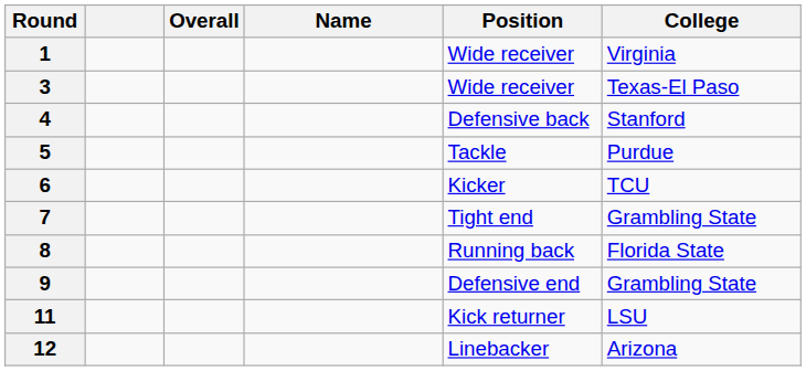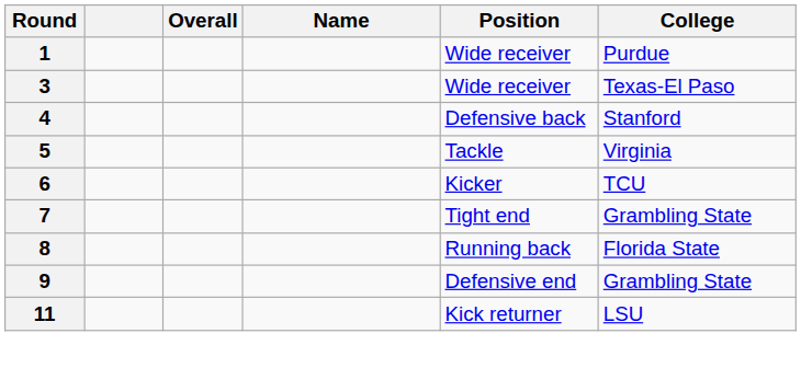 <table class="wikitable sortable">
 <tr>
 <th scope="col" style="width: 10%;">Round</th>
 <th scope="col" style="width: 10%;"></th>
 <th scope="col" style="width: 10%;">Overall</th>
 <th scope="col" style="width: 25%;">Name</th>
 <th scope="col" style="width: 20%;">Position</th>
 <th scope="col" style="width: 25%;">College</th>
 </tr>
 <tr>
 <th scope="row">1</th>
 <td></td>
 <td></td>
 <td></td>
 <td><a href='#'>Wide receiver</a></td>
-<td><a href='#'>Virginia</a></td>
+<td><a href='#'>Purdue</a></td>
 </tr>
 <tr>
 <th scope="row">3</th>
 <td></td>
 <td></td>
 <td></td>
 <td><a href='#'>Wide receiver</a></td>
 <td><a href='#'>Texas-El Paso</a></td>
 </tr>
 <tr>
 <th scope="row">4</th>
 <td></td>
 <td></td>
 <td></td>
 <td><a href='#'>Defensive back</a></td>
 <td><a href='#'>Stanford</a></td>
 </tr>
 <tr>
 <th scope="row">5</th>
 <td></td>
 <td></td>
 <td></td>
 <td><a href='#'>Tackle</a></td>
-<td><a href='#'>Purdue</a></td>
+<td><a href='#'>Virginia</a></td>
 </tr>
 <tr>
 <th scope="row">6</th>
 <td></td>
 <td></td>
 <td></td>
 <td><a href='#'>Kicker</a></td>
 <td><a href='#'>TCU</a></td>
 </tr>
 <tr>
 <th scope="row">7</th>
 <td></td>
 <td></td>
 <td></td>
 <td><a href='#'>Tight end</a></td>
 <td><a href='#'>Grambling State</a></td>
 </tr>
 <tr>
 <th scope="row">8</th>
 <td></td>
 <td></td>
 <td></td>
 <td><a href='#'>Running back</a></td>
 <td><a href='#'>Florida State</a></td>
 </tr>
 <tr>
 <th scope="row">9</th>
 <td></td>
 <td></td>
 <td></td>
 <td><a href='#'>Defensive end</a></td>
 <td><a href='#'>Grambling State</a></td>
 </tr>
 <tr>
 <th scope="row">11</th>
 <td></td>
 <td></td>
 <td></td>
 <td><a href='#'>Kick returner</a></td>
 <td><a href='#'>LSU</a></td>
 </tr>
-<tr>
-<th scope="row">12</th>
-<td></td>
-<td></td>
-<td></td>
-<td><a href='#'>Linebacker</a></td>
-<td><a href='#'>Arizona</a></td>
-</tr>
 </table>
